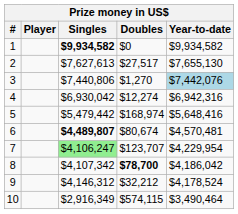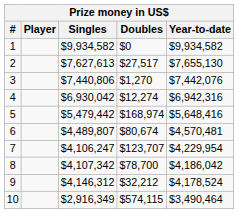 <table class="wikitable sortable">
 <tr>
 <th colspan="5">Prize money in US$ </th>
 </tr>
 <tr>
 <th>#</th>
 <th>Player</th>
 <th>Singles</th>
 <th>Doubles</th>
 <th>Year-to-date</th>
 </tr>
 <tr>
 <td style="text-align:center;">1</td>
 <td align="left"></td>
-<td><strong>$9,934,582</strong></td>
+<td>$9,934,582</td>
 <td>$0</td>
 <td>$9,934,582</td>
 </tr>
 <tr>
 <td style="text-align:center;">2</td>
 <td align="left"></td>
 <td>$7,627,613</td>
 <td>$27,517</td>
 <td>$7,655,130</td>
 </tr>
 <tr>
 <td style="text-align:center;">3</td>
 <td align="left"></td>
 <td>$7,440,806</td>
 <td>$1,270</td>
-<td style="background: lightblue;">$7,442,076</td>
+<td>$7,442,076</td>
 </tr>
 <tr>
 <td style="text-align:center;">4</td>
 <td style="text-align:left;" $></td>
 <td>$6,930,042</td>
 <td>$12,274</td>
 <td>$6,942,316</td>
 </tr>
 <tr>
 <td style="text-align:center;">5</td>
 <td align="left"></td>
 <td>$5,479,442</td>
 <td>$168,974</td>
 <td>$5,648,416</td>
 </tr>
 <tr>
 <td style="text-align:center;">6</td>
 <td style="text-align:left;" $></td>
-<td><strong>$4,489,807</strong></td>
+<td>$4,489,807</td>
 <td>$80,674</td>
 <td>$4,570,481</td>
 </tr>
 <tr>
 <td style="text-align:center;">7</td>
 <td align="left"></td>
-<td style="background: lightgreen;">$4,106,247</td>
+<td>$4,106,247</td>
 <td>$123,707</td>
 <td>$4,229,954</td>
 </tr>
 <tr>
 <td style="text-align:center;">8</td>
 <td $ style="text-align:left;"></td>
 <td>$4,107,342</td>
-<td><strong>$78,700</strong></td>
+<td>$78,700</td>
 <td>$4,186,042</td>
 </tr>
 <tr>
 <td style="text-align:center;">9</td>
 <td $ style="text-align:left;"></td>
 <td>$4,146,312</td>
 <td>$32,212</td>
 <td>$4,178,524</td>
 </tr>
 <tr>
 <td style="text-align:center;">10</td>
 <td style="text-align:left;" $></td>
 <td>$2,916,349</td>
 <td>$574,115</td>
 <td>$3,490,464</td>
 </tr>
 </table>
